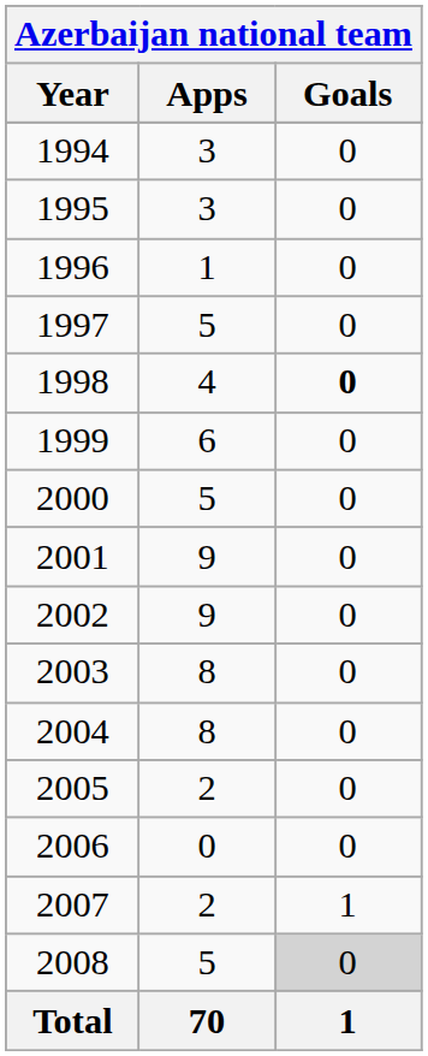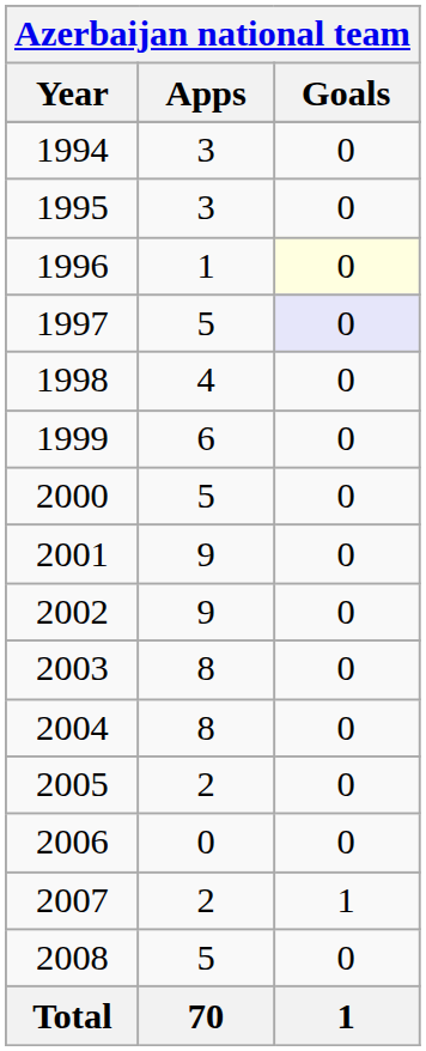 <table class="wikitable" style="text-align:center">
 <tr>
 <th colspan=3><a href='#'>Azerbaijan national team</a></th>
 </tr>
 <tr>
 <th>Year</th>
 <th>Apps</th>
 <th>Goals</th>
 </tr>
 <tr>
 </tr>
 <tr>
 <td>1994</td>
 <td>3</td>
 <td>0</td>
 </tr>
 <tr>
 <td>1995</td>
 <td>3</td>
 <td>0</td>
 </tr>
 <tr>
 <td>1996</td>
 <td>1</td>
-<td>0</td>
+<td style="background: lightyellow;">0</td>
 </tr>
 <tr>
 <td>1997</td>
 <td>5</td>
-<td>0</td>
+<td style="background: lavender;">0</td>
 </tr>
 <tr>
 <td>1998</td>
 <td>4</td>
-<td><strong>0</strong></td>
+<td>0</td>
 </tr>
 <tr>
 <td>1999</td>
 <td>6</td>
 <td>0</td>
 </tr>
 <tr>
 <td>2000</td>
 <td>5</td>
 <td>0</td>
 </tr>
 <tr>
 <td>2001</td>
 <td>9</td>
 <td>0</td>
 </tr>
 <tr>
 <td>2002</td>
 <td>9</td>
 <td>0</td>
 </tr>
 <tr>
 <td>2003</td>
 <td>8</td>
 <td>0</td>
 </tr>
 <tr>
 <td>2004</td>
 <td>8</td>
 <td>0</td>
 </tr>
 <tr>
 <td>2005</td>
 <td>2</td>
 <td>0</td>
 </tr>
 <tr>
 <td>2006</td>
 <td>0</td>
 <td>0</td>
 </tr>
 <tr>
 <td>2007</td>
 <td>2</td>
 <td>1</td>
 </tr>
 <tr>
 <td>2008</td>
 <td>5</td>
-<td style="background: lightgrey;">0</td>
+<td>0</td>
 </tr>
 <tr>
 <th>Total</th>
 <th>70</th>
 <th>1</th>
 </tr>
 </table>
